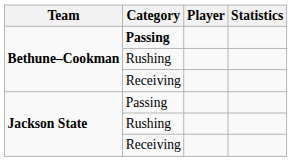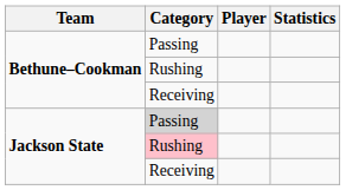 <table class="wikitable" style="float: left;">
 <tr>
 <th>Team</th>
 <th>Category</th>
 <th>Player</th>
 <th>Statistics</th>
 </tr>
 <tr>
 <td rowspan=3><strong>Bethune–Cookman</strong></td>
-<td><strong>Passing</strong></td>
+<td>Passing</td>
 <td> </td>
 <td> </td>
 </tr>
 <tr>
 <td>Rushing</td>
 <td> </td>
 <td> </td>
 </tr>
 <tr>
 <td>Receiving</td>
 <td> </td>
 <td> </td>
 </tr>
 <tr>
 <td rowspan=3><strong>Jackson State</strong></td>
-<td>Passing</td>
+<td style="background: lightgrey;">Passing</td>
 <td> </td>
 <td> </td>
 </tr>
 <tr>
-<td>Rushing</td>
+<td style="background: pink;">Rushing</td>
 <td> </td>
 <td> </td>
 </tr>
 <tr>
 <td>Receiving</td>
 <td> </td>
 <td> </td>
 </tr>
 </table>
